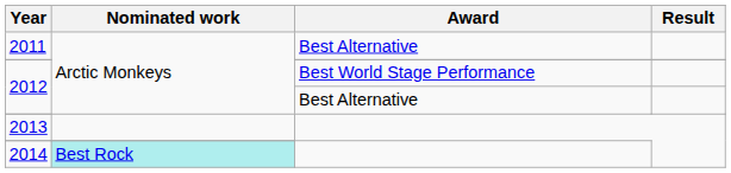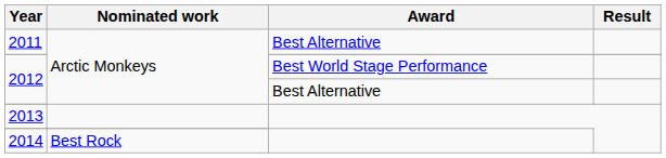 <table class="wikitable">
 <tr>
 <th>Year</th>
 <th width="220">Nominated work</th>
 <th width="325">Award</th>
 <th width="62">Result</th>
 </tr>
 <tr>
 <td><a href='#'>2011</a></td>
 <td rowspan="5">Arctic Monkeys</td>
 <td><a href='#'>Best Alternative</a></td>
 <td></td>
 </tr>
 <tr>
 </tr>
 <tr>
 <td rowspan="2"><a href='#'>2012</a></td>
 <td><a href='#'>Best World Stage Performance</a></td>
 <td></td>
 </tr>
 <tr>
 <td rowspan="2">Best Alternative</td>
 <td></td>
 </tr>
 <tr>
 </tr>
 <tr>
 <td><a href='#'>2013</a></td>
 <td></td>
 </tr>
 <tr>
 </tr>
 <tr>
 <td><a href='#'>2014</a></td>
-<td style="background: paleturquoise;"><a href='#'>Best Rock</a></td>
+<td><a href='#'>Best Rock</a></td>
 <td></td>
 </tr>
 </table>
